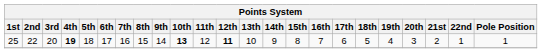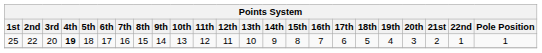 <table class="wikitable" style="font-size: 90%;">
 <tr>
 <th colspan=23>Points System</th>
 </tr>
 <tr>
 <th>1st</th>
 <th>2nd</th>
 <th>3rd</th>
 <th>4th</th>
 <th>5th</th>
 <th>6th</th>
 <th>7th</th>
 <th>8th</th>
 <th>9th</th>
 <th>10th</th>
 <th>11th</th>
 <th>12th</th>
 <th>13th</th>
 <th>14th</th>
 <th>15th</th>
 <th>16th</th>
 <th>17th</th>
 <th>18th</th>
 <th>19th</th>
 <th>20th</th>
 <th>21st</th>
 <th>22nd</th>
 <th>Pole Position</th>
 </tr>
 <tr>
 <td align="center">25</td>
 <td align="center">22</td>
 <td align="center">20</td>
 <td align="center"><strong>19</strong></td>
 <td align="center">18</td>
 <td align="center">17</td>
 <td align="center">16</td>
 <td align="center">15</td>
 <td align="center">14</td>
-<td align="center"><strong>13</strong></td>
+<td align="center">13</td>
 <td align="center">12</td>
-<td align="center"><strong>11</strong></td>
+<td align="center">11</td>
 <td align="center">10</td>
 <td align="center">9</td>
 <td align="center">8</td>
 <td align="center">7</td>
 <td align="center">6</td>
 <td align="center">5</td>
 <td align="center">4</td>
 <td align="center">3</td>
 <td align="center">2</td>
 <td align="center">1</td>
 <td align="center">1</td>
 </tr>
 <tr>
 </tr>
 </table>
